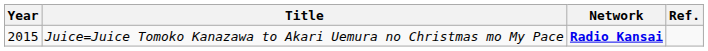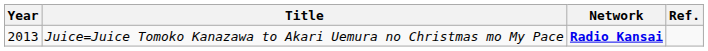 <table class="wikitable">
 <tr>
 <th>Year</th>
 <th>Title</th>
 <th>Network</th>
 <th>Ref.</th>
 </tr>
 <tr>
-<td>2015</td>
+<td>2013</td>
 <td><em>Juice=Juice Tomoko Kanazawa to Akari Uemura no Christmas mo My Pace</em></td>
 <td><strong><a href='#'>Radio Kansai</a></strong></td>
 <td></td>
 </tr>
 </table>
